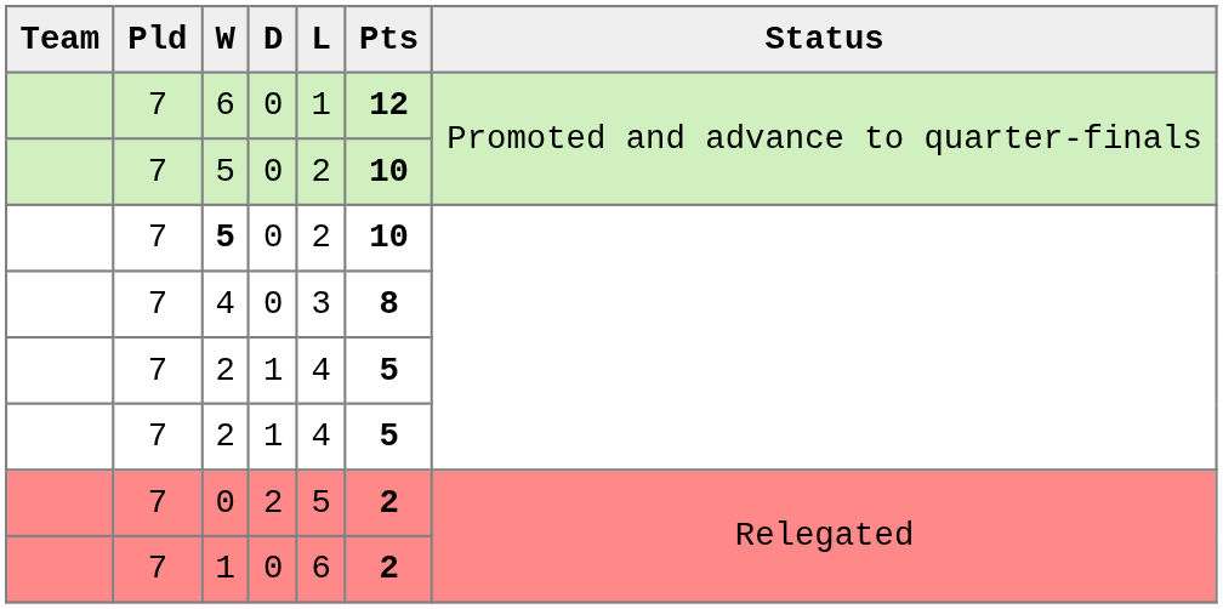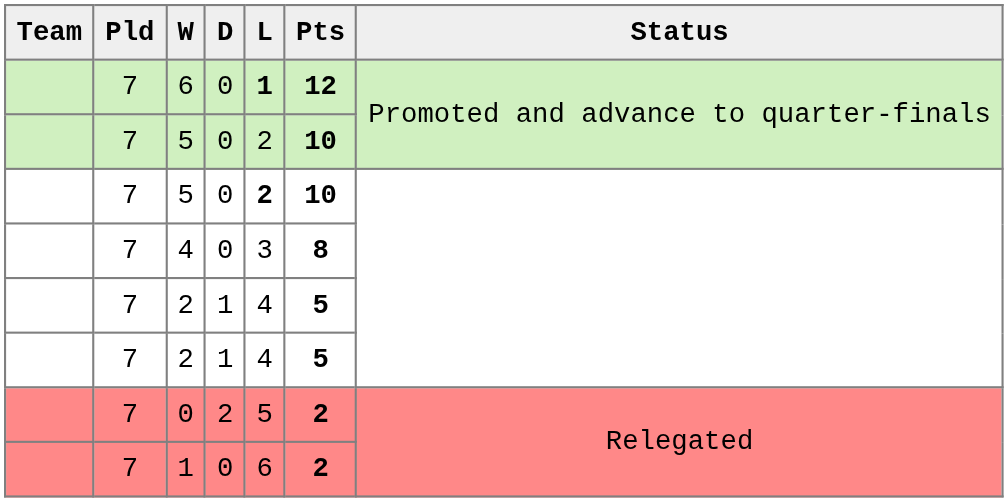 <table style=border-collapse:collapse border=1 cellspacing=0 cellpadding=5>
 <tr align=center bgcolor=#efefef>
 <th>Team</th>
 <th>Pld</th>
 <th>W</th>
 <th>D</th>
 <th>L</th>
 <th>Pts</th>
 <th>Status</th>
 </tr>
 <tr align=center style="background:#D0F0C0;">
 <td style="text-align:left;"> </td>
 <td>7</td>
 <td>6</td>
 <td>0</td>
-<td>1</td>
+<td><strong>1</strong></td>
 <td><strong>12</strong></td>
 <td rowspan=2>Promoted and advance to quarter-finals</td>
 </tr>
 <tr align=center style="background:#D0F0C0;">
 <td style="text-align:left;"> </td>
 <td>7</td>
 <td>5</td>
 <td>0</td>
 <td>2</td>
 <td><strong>10</strong></td>
 </tr>
 <tr align=center style="background:#FFFFFF;">
 <td style="text-align:left;"> </td>
 <td>7</td>
-<td><strong>5</strong></td>
+<td>5</td>
 <td>0</td>
-<td>2</td>
+<td><strong>2</strong></td>
 <td><strong>10</strong></td>
 <td rowspan=4></td>
 </tr>
 <tr align=center style="background:#FFFFFF;">
 <td style="text-align:left;"> </td>
 <td>7</td>
 <td>4</td>
 <td>0</td>
 <td>3</td>
 <td><strong>8</strong></td>
 </tr>
 <tr align=center style="background:#FFFFFF;">
 <td style="text-align:left;"> </td>
 <td>7</td>
 <td>2</td>
 <td>1</td>
 <td>4</td>
 <td><strong>5</strong></td>
 </tr>
 <tr align=center style="background:#FFFFFF;">
 <td style="text-align:left;"> </td>
 <td>7</td>
 <td>2</td>
 <td>1</td>
 <td>4</td>
 <td><strong>5</strong></td>
 </tr>
 <tr align=center style="background:#FF8888;">
 <td style="text-align:left;"> </td>
 <td>7</td>
 <td>0</td>
 <td>2</td>
 <td>5</td>
 <td><strong>2</strong></td>
 <td rowspan=2>Relegated</td>
 </tr>
 <tr align=center style="background:#FF8888;">
 <td style="text-align:left;"> </td>
 <td>7</td>
 <td>1</td>
 <td>0</td>
 <td>6</td>
 <td><strong>2</strong></td>
 </tr>
 </table>
